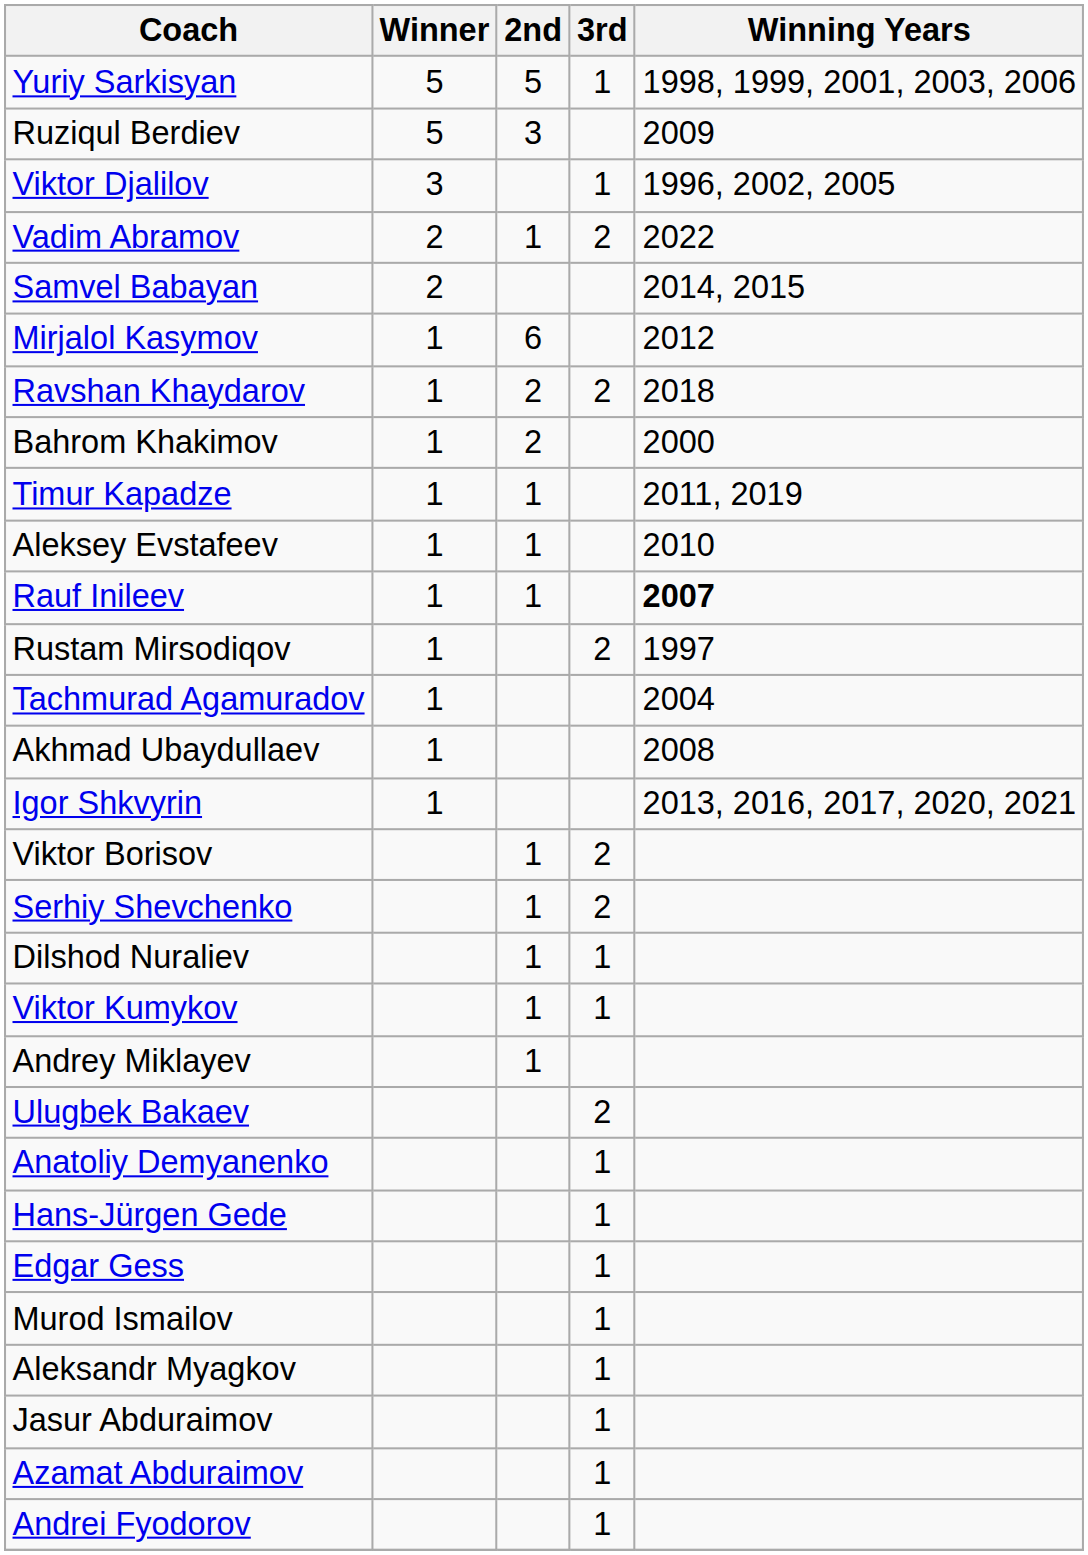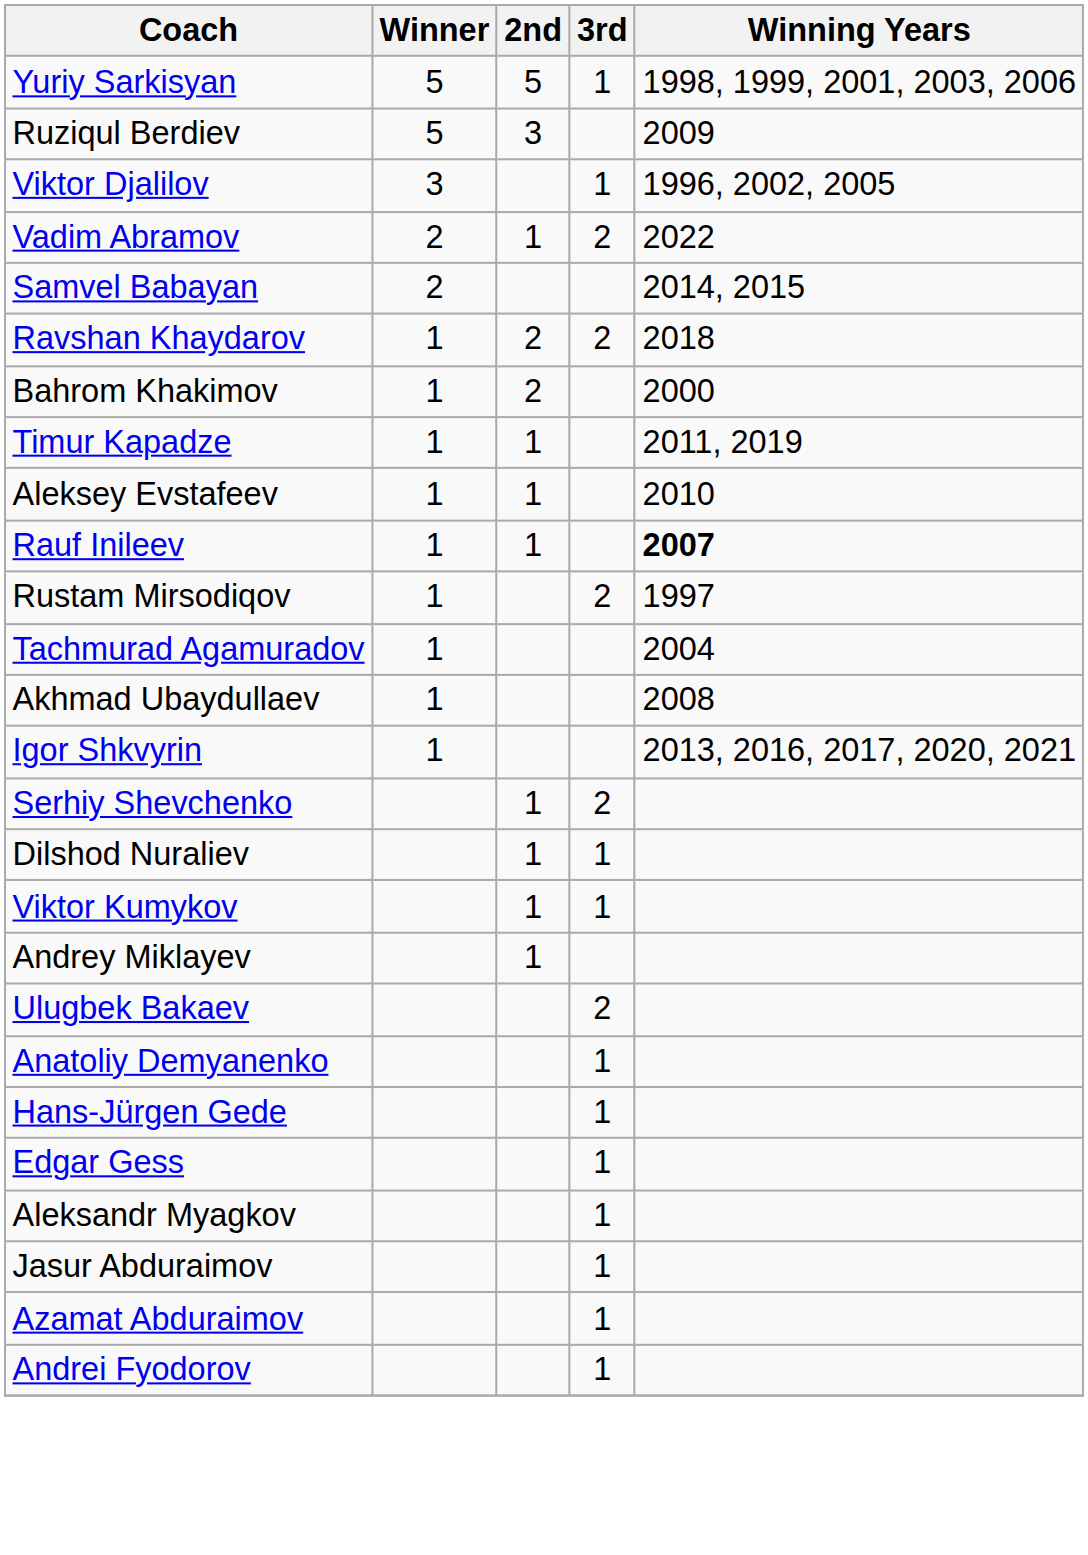 <table class="sortable wikitable">
 <tr>
 <th>Coach</th>
 <th>Winner</th>
 <th>2nd</th>
 <th>3rd</th>
 <th class="unsortable">Winning Years</th>
 </tr>
 <tr>
 <td><a href='#'>Yuriy Sarkisyan</a></td>
 <td align=center>5</td>
 <td align=center>5</td>
 <td align=center>1</td>
 <td>1998, 1999, 2001, 2003, 2006</td>
 </tr>
 <tr>
 <td>Ruziqul Berdiev</td>
 <td align=center>5</td>
 <td align=center>3</td>
 <td></td>
 <td>2009</td>
 </tr>
 <tr>
 <td><a href='#'>Viktor Djalilov</a></td>
 <td align=center>3</td>
 <td></td>
 <td align=center>1</td>
 <td>1996, 2002, 2005</td>
 </tr>
 <tr>
 <td><a href='#'>Vadim Abramov</a></td>
 <td align=center>2</td>
 <td align=center>1</td>
 <td align=center>2</td>
 <td>2022</td>
 </tr>
 <tr>
 <td><a href='#'>Samvel Babayan</a></td>
 <td align=center>2</td>
 <td></td>
 <td></td>
 <td>2014, 2015</td>
-</tr>
-<tr>
-<td><a href='#'>Mirjalol Kasymov</a></td>
-<td align=center>1</td>
-<td align=center>6</td>
-<td align=center></td>
-<td>2012</td>
 </tr>
 <tr>
 <td><a href='#'>Ravshan Khaydarov</a></td>
 <td align=center>1</td>
 <td align=center>2</td>
 <td align=center>2</td>
 <td>2018</td>
 </tr>
 <tr>
 <td>Bahrom Khakimov</td>
 <td align=center>1</td>
 <td align=center>2</td>
 <td></td>
 <td>2000</td>
 </tr>
 <tr>
 <td><a href='#'>Timur Kapadze</a></td>
 <td align=center>1</td>
 <td align=center>1</td>
 <td align=center></td>
 <td>2011, 2019</td>
 </tr>
 <tr>
 <td>Aleksey Evstafeev</td>
 <td align=center>1</td>
 <td align=center>1</td>
 <td></td>
 <td>2010</td>
 </tr>
 <tr>
 <td><a href='#'>Rauf Inileev</a></td>
 <td align=center>1</td>
 <td align=center>1</td>
 <td></td>
 <td><strong>2007</strong></td>
 </tr>
 <tr>
 <td>Rustam Mirsodiqov</td>
 <td align=center>1</td>
 <td></td>
 <td align=center>2</td>
 <td>1997</td>
 </tr>
 <tr>
 <td><a href='#'>Tachmurad Agamuradov</a></td>
 <td align=center>1</td>
 <td></td>
 <td></td>
 <td>2004</td>
 </tr>
 <tr>
 <td>Akhmad Ubaydullaev</td>
 <td align=center>1</td>
 <td></td>
 <td></td>
 <td>2008</td>
 </tr>
 <tr>
 <td><a href='#'>Igor Shkvyrin</a></td>
 <td align=center>1</td>
 <td></td>
 <td></td>
 <td>2013, 2016, 2017, 2020, 2021</td>
 </tr>
 <tr>
-<td>Viktor Borisov</td>
-<td align=center></td>
-<td align=center>1</td>
-<td align=center>2</td>
-<td></td>
-</tr>
-<tr>
 <td><a href='#'>Serhiy Shevchenko</a></td>
 <td align=center></td>
 <td align=center>1</td>
 <td align=center>2</td>
 <td></td>
 </tr>
 <tr>
 <td>Dilshod Nuraliev</td>
 <td align=center></td>
 <td align=center>1</td>
 <td align=center>1</td>
 <td></td>
 </tr>
 <tr>
 <td><a href='#'>Viktor Kumykov</a></td>
 <td align=center></td>
 <td align=center>1</td>
 <td align=center>1</td>
 <td></td>
 </tr>
 <tr>
 <td>Andrey Miklayev</td>
 <td align=center></td>
 <td align=center>1</td>
 <td align=center></td>
 <td></td>
 </tr>
 <tr>
 <td><a href='#'>Ulugbek Bakaev</a></td>
 <td align=center></td>
 <td align=center></td>
 <td align=center>2</td>
 <td></td>
 </tr>
 <tr>
 <td><a href='#'>Anatoliy Demyanenko</a></td>
 <td align=center></td>
 <td align=center></td>
 <td align=center>1</td>
 <td></td>
 </tr>
 <tr>
 <td><a href='#'>Hans-Jürgen Gede</a></td>
 <td align=center></td>
 <td align=center></td>
 <td align=center>1</td>
 <td></td>
 </tr>
 <tr>
 <td><a href='#'>Edgar Gess</a></td>
 <td align=center></td>
 <td align=center></td>
 <td align=center>1</td>
 <td></td>
 </tr>
 <tr>
-<td>Murod Ismailov</td>
-<td align=center></td>
-<td align=center></td>
-<td align=center>1</td>
-<td></td>
-</tr>
-<tr>
 <td>Aleksandr Myagkov</td>
 <td align=center></td>
 <td align=center></td>
 <td align=center>1</td>
 <td></td>
 </tr>
 <tr>
 <td>Jasur Abduraimov</td>
 <td align=center></td>
 <td align=center></td>
 <td align=center>1</td>
 <td></td>
 </tr>
 <tr>
 <td><a href='#'>Azamat Abduraimov</a></td>
 <td align=center></td>
 <td align=center></td>
 <td align=center>1</td>
 <td></td>
 </tr>
 <tr>
 <td><a href='#'>Andrei Fyodorov</a></td>
 <td align=center></td>
 <td align=center></td>
 <td align=center>1</td>
 <td></td>
 </tr>
 <tr>
 </tr>
 </table>
